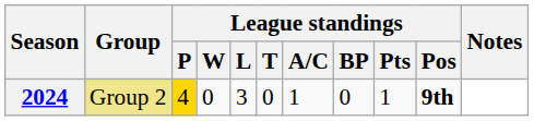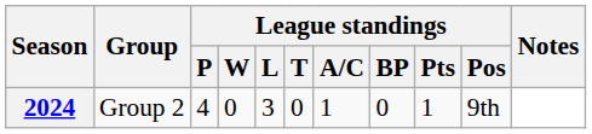 <table class="wikitable sortable">
 <tr>
 <th scope="col" rowspan="2">Season</th>
 <th scope="col" rowspan="2">Group</th>
 <th scope="col" colspan="8">League standings</th>
 <th scope="col" rowspan="2">Notes</th>
 </tr>
 <tr>
 <th scope="col">P</th>
 <th scope="col">W</th>
 <th scope="col">L</th>
 <th scope="col">T</th>
 <th scope="col">A/C</th>
 <th scope="col">BP</th>
 <th scope="col">Pts</th>
 <th scope="col">Pos</th>
 </tr>
 <tr>
 <th scope="row"><a href='#'>2024</a></th>
-<td style="background: khaki;">Group 2</td>
-<td style="background: gold;">4</td>
+<td>Group 2</td>
+<td>4</td>
 <td>0</td>
 <td>3</td>
 <td>0</td>
 <td>1</td>
 <td>0</td>
 <td>1</td>
-<td><strong>9th</strong></td>
+<td>9th</td>
 <td style="background: white;"></td>
 </tr>
 </table>
